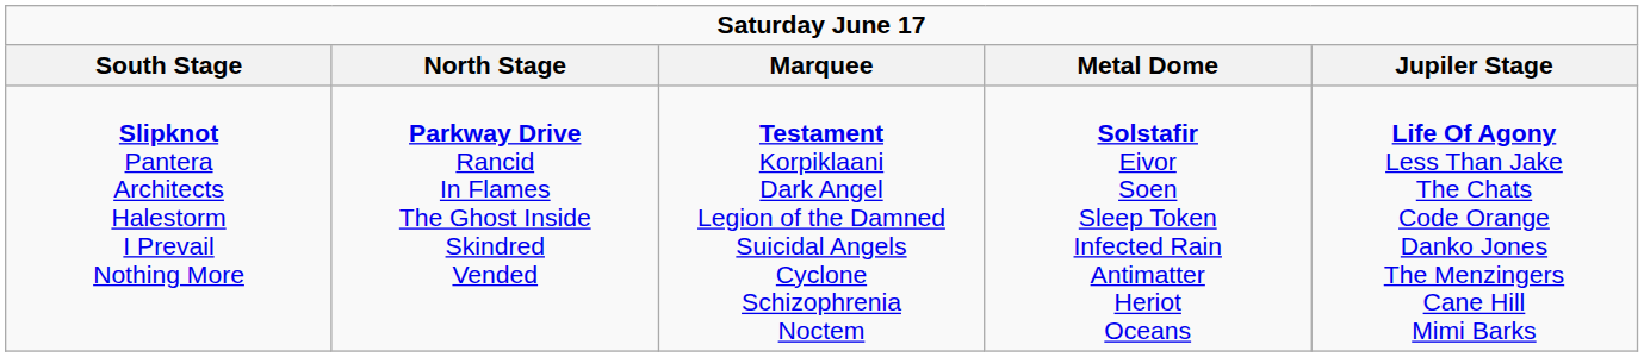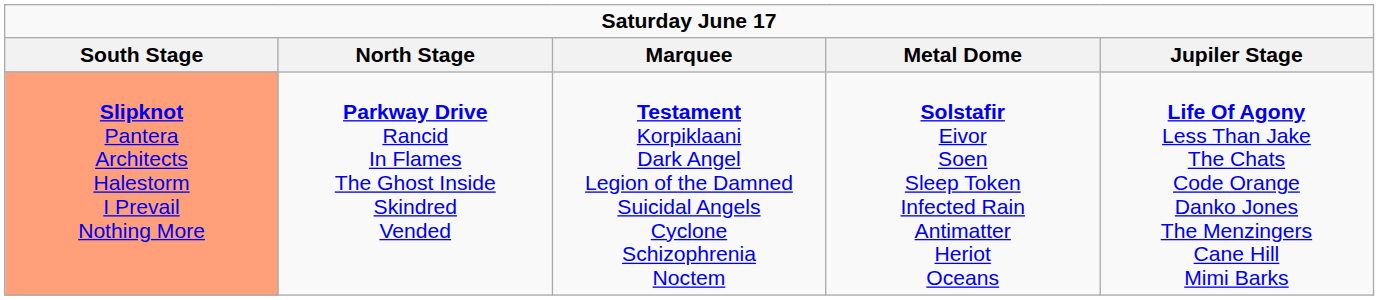 <table class="wikitable">
 <tr>
 <td colspan="5" style="text-align:center;"><strong>Saturday June 17</strong></td>
 </tr>
 <tr>
 <th>South Stage</th>
 <th>North Stage</th>
 <th>Marquee</th>
 <th>Metal Dome</th>
 <th>Jupiler Stage</th>
 </tr>
 <tr>
-<td style="text-align:center; vertical-align:top; width:200px;"><br><strong><a href='#'>Slipknot</a></strong> <br> <a href='#'>Pantera</a> <br> <a href='#'>Architects</a> <br> <a href='#'>Halestorm</a> <br> <a href='#'>I Prevail</a> <br> <a href='#'>Nothing More</a> <br></td>
+<td style="background: lightsalmon; text-align:center; vertical-align:top; width:200px;"><br><strong><a href='#'>Slipknot</a></strong> <br> <a href='#'>Pantera</a> <br> <a href='#'>Architects</a> <br> <a href='#'>Halestorm</a> <br> <a href='#'>I Prevail</a> <br> <a href='#'>Nothing More</a> <br></td>
 <td style="text-align:center; vertical-align:top; width:200px;"><br><strong><a href='#'>Parkway Drive</a></strong> <br> <a href='#'>Rancid</a> <br> <a href='#'>In Flames</a> <br> <a href='#'>The Ghost Inside</a> <br> <a href='#'>Skindred</a> <br> <a href='#'>Vended</a> <br></td>
 <td style="text-align:center; vertical-align:top; width:200px;"><br><strong><a href='#'>Testament</a></strong> <br> <a href='#'>Korpiklaani</a> <br> <a href='#'>Dark Angel</a> <br> <a href='#'>Legion of the Damned</a> <br> <a href='#'>Suicidal Angels</a> <br> <a href='#'>Cyclone</a> <br> <a href='#'>Schizophrenia</a> <br> <a href='#'>Noctem</a> <br></td>
 <td style="text-align:center; vertical-align:top; width:200px;"><br><strong><a href='#'>Solstafir</a></strong> <br> <a href='#'>Eivor</a> <br> <a href='#'>Soen</a> <br> <a href='#'>Sleep Token</a> <br> <a href='#'>Infected Rain</a> <br> <a href='#'>Antimatter</a> <br> <a href='#'>Heriot</a> <br> <a href='#'>Oceans</a> <br></td>
 <td style="text-align:center; vertical-align:top; width:200px;"><br><strong><a href='#'>Life Of Agony</a></strong> <br> <a href='#'>Less Than Jake</a> <br> <a href='#'>The Chats</a> <br> <a href='#'>Code Orange</a> <br> <a href='#'>Danko Jones</a> <br> <a href='#'>The Menzingers</a> <br> <a href='#'>Cane Hill</a> <br> <a href='#'>Mimi Barks</a> <br></td>
 </tr>
 </table>
